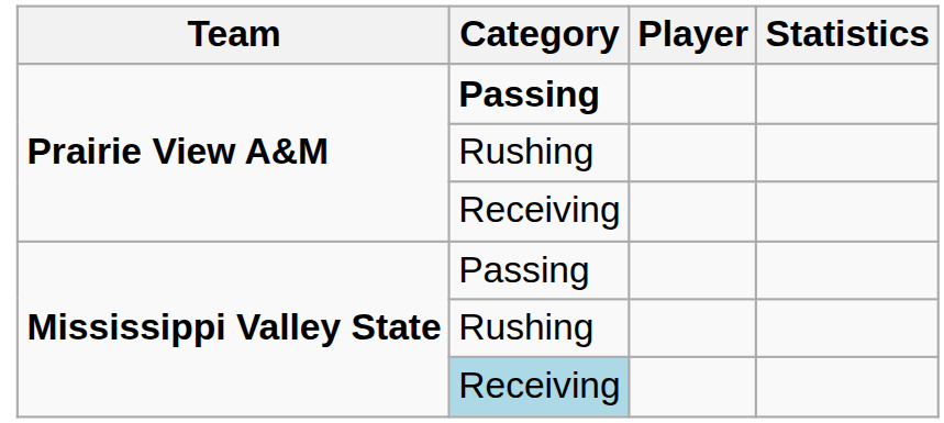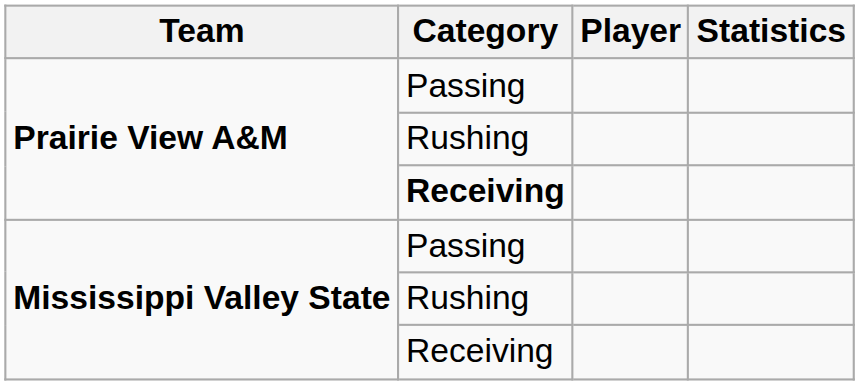 <table class="wikitable" style="float: right;">
 <tr>
 <th>Team</th>
 <th>Category</th>
 <th>Player</th>
 <th>Statistics</th>
 </tr>
 <tr>
 <td rowspan=3><strong>Prairie View A&M</strong></td>
-<td><strong>Passing</strong></td>
+<td>Passing</td>
 <td></td>
 <td></td>
 </tr>
 <tr>
 <td>Rushing</td>
 <td></td>
 <td></td>
 </tr>
 <tr>
-<td>Receiving</td>
+<td><strong>Receiving</strong></td>
 <td></td>
 <td></td>
 </tr>
 <tr>
 <td rowspan=3><strong>Mississippi Valley State</strong></td>
 <td>Passing</td>
 <td></td>
 <td></td>
 </tr>
 <tr>
 <td>Rushing</td>
 <td></td>
 <td></td>
 </tr>
 <tr>
-<td style="background: lightblue;">Receiving</td>
+<td>Receiving</td>
 <td></td>
 <td></td>
 </tr>
 </table>
